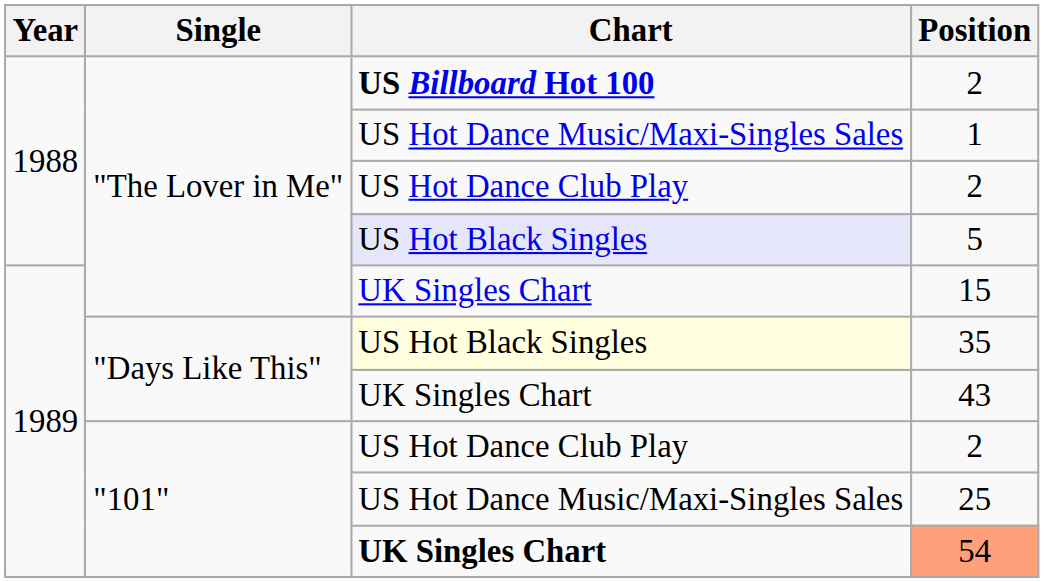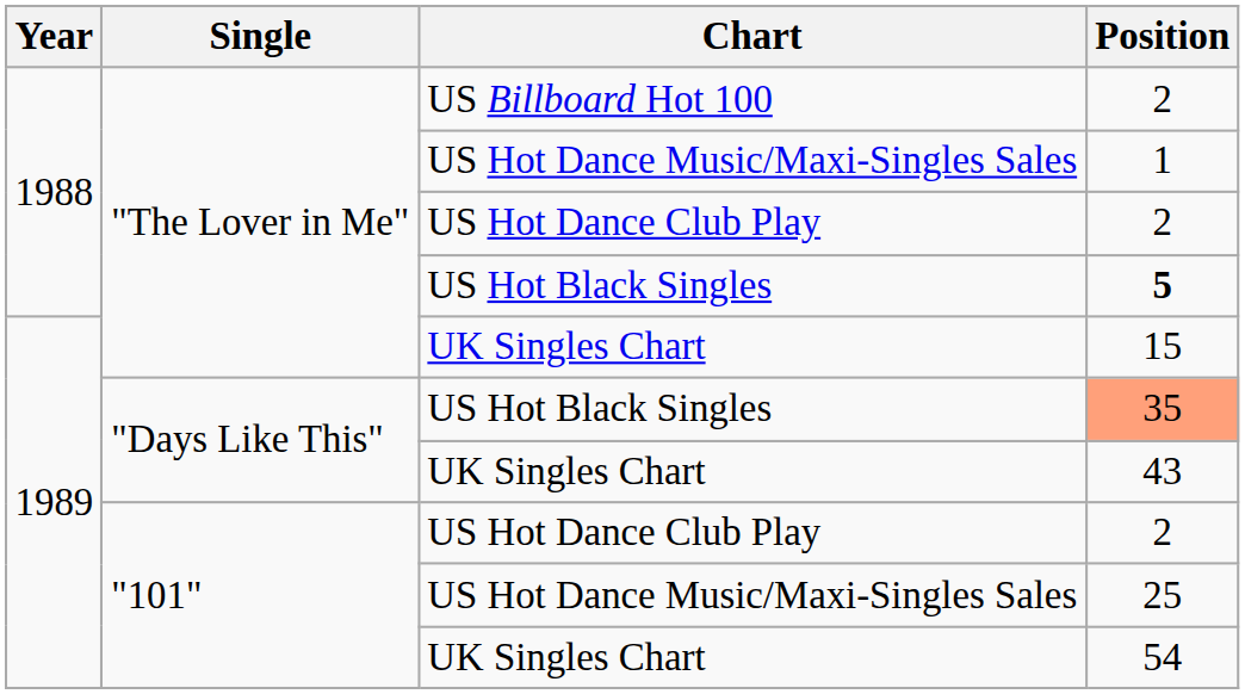 <table class="wikitable">
 <tr>
 <th>Year</th>
 <th>Single</th>
 <th>Chart</th>
 <th>Position</th>
 </tr>
 <tr>
 <td rowspan="4">1988</td>
 <td rowspan="5">"The Lover in Me"</td>
-<td><strong>US <a href='#'><em>Billboard</em> Hot 100</a></strong></td>
+<td>US <a href='#'><em>Billboard</em> Hot 100</a></td>
 <td align="center">2</td>
 </tr>
 <tr>
 <td>US <a href='#'>Hot Dance Music/Maxi-Singles Sales</a></td>
 <td align="center">1</td>
 </tr>
 <tr>
 <td>US <a href='#'>Hot Dance Club Play</a></td>
 <td align="center">2</td>
 </tr>
 <tr>
-<td style="background: lavender;">US <a href='#'>Hot Black Singles</a></td>
-<td align="center">5</td>
+<td>US <a href='#'>Hot Black Singles</a></td>
+<td align="center"><strong>5</strong></td>
 </tr>
 <tr>
 <td rowspan="6">1989</td>
 <td><a href='#'>UK Singles Chart</a></td>
 <td align="center">15</td>
 </tr>
 <tr>
 <td rowspan="2">"Days Like This"</td>
-<td style="background: lightyellow;">US Hot Black Singles</td>
-<td align="center">35</td>
+<td>US Hot Black Singles</td>
+<td align="center" style="background: lightsalmon;">35</td>
 </tr>
 <tr>
 <td>UK Singles Chart</td>
 <td align="center">43</td>
 </tr>
 <tr>
 <td rowspan="3">"101"</td>
 <td>US Hot Dance Club Play</td>
 <td align="center">2</td>
 </tr>
 <tr>
 <td>US Hot Dance Music/Maxi-Singles Sales</td>
 <td align="center">25</td>
 </tr>
 <tr>
-<td><strong>UK Singles Chart</strong></td>
-<td align="center" style="background: lightsalmon;">54</td>
+<td>UK Singles Chart</td>
+<td align="center">54</td>
 </tr>
 </table>
